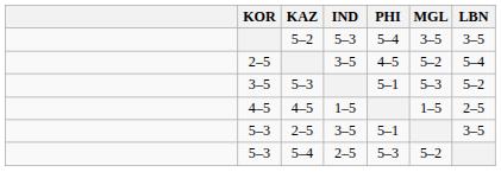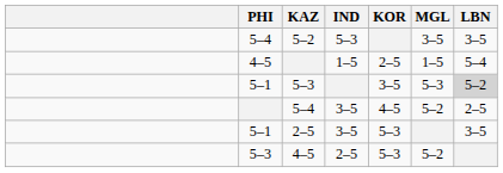 <table class="wikitable" style="text-align:center">
 <tr>
 <th width="250"> </th>
-<th width="40">KOR</th>
+<th width="40">PHI</th>
 <th width="40">KAZ</th>
 <th width="40">IND</th>
-<th width="40">PHI</th>
+<th width="40">KOR</th>
 <th width="40">MGL</th>
 <th width="40">LBN</th>
 </tr>
 <tr>
 <td align=left></td>
-<th></th>
+<td>5–4</td>
 <td>5–2</td>
 <td>5–3</td>
-<td>5–4</td>
+<th></th>
 <td>3–5</td>
 <td>3–5</td>
 </tr>
 <tr>
 <td align=left></td>
+<td>4–5</td>
+<th></th>
+<td>1–5</td>
 <td>2–5</td>
-<th></th>
-<td>3–5</td>
-<td>4–5</td>
-<td>5–2</td>
+<td>1–5</td>
 <td>5–4</td>
 </tr>
 <tr>
 <td align=left></td>
+<td>5–1</td>
+<td>5–3</td>
+<th></th>
 <td>3–5</td>
 <td>5–3</td>
-<th></th>
-<td>5–1</td>
-<td>5–3</td>
-<td>5–2</td>
+<td style="background: lightgrey;">5–2</td>
 </tr>
 <tr>
 <td align=left></td>
+<th></th>
+<td>5–4</td>
+<td>3–5</td>
 <td>4–5</td>
-<td>4–5</td>
-<td>1–5</td>
-<th></th>
-<td>1–5</td>
+<td>5–2</td>
 <td>2–5</td>
 </tr>
 <tr>
 <td align=left></td>
-<td>5–3</td>
+<td>5–1</td>
 <td>2–5</td>
 <td>3–5</td>
-<td>5–1</td>
+<td>5–3</td>
 <th></th>
 <td>3–5</td>
 </tr>
 <tr>
 <td align=left></td>
 <td>5–3</td>
-<td>5–4</td>
+<td>4–5</td>
 <td>2–5</td>
 <td>5–3</td>
 <td>5–2</td>
 <th></th>
 </tr>
 </table>
